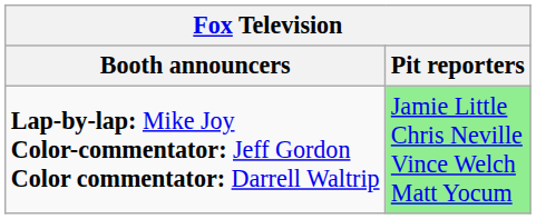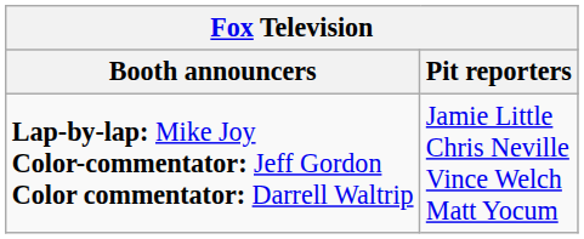 <table class="wikitable" style="font-size: 95%;">
 <tr>
 <th colspan="2"><a href='#'>Fox</a> Television</th>
 </tr>
 <tr>
 <th>Booth announcers</th>
 <th>Pit reporters</th>
 </tr>
 <tr>
 <td><strong>Lap-by-lap:</strong> <a href='#'>Mike Joy</a> <br><strong>Color-commentator:</strong> <a href='#'>Jeff Gordon</a> <br><strong>Color commentator:</strong> <a href='#'>Darrell Waltrip</a></td>
-<td style="background: lightgreen;"><a href='#'>Jamie Little</a><br><a href='#'>Chris Neville</a><br><a href='#'>Vince Welch</a><br><a href='#'>Matt Yocum</a></td>
+<td><a href='#'>Jamie Little</a><br><a href='#'>Chris Neville</a><br><a href='#'>Vince Welch</a><br><a href='#'>Matt Yocum</a></td>
 </tr>
 </table>
